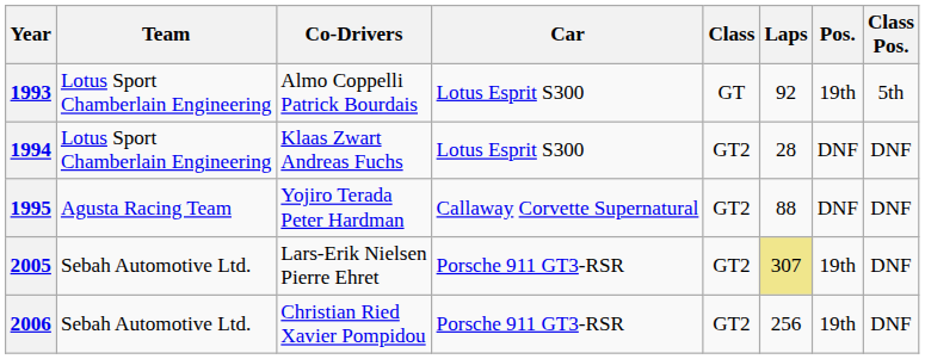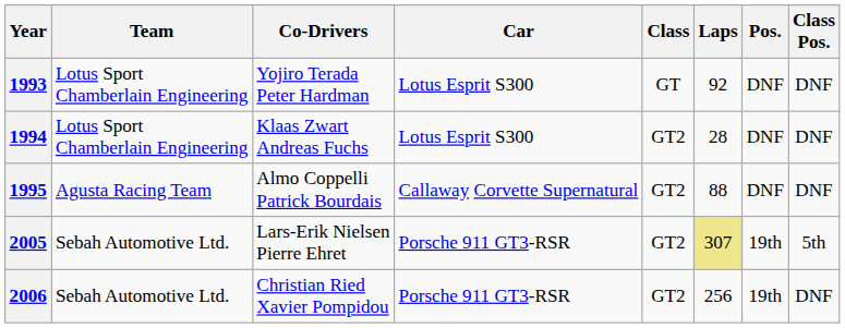 <table class="wikitable" style="text-align:center; font-size:90%">
 <tr>
 <th>Year</th>
 <th>Team</th>
 <th>Co-Drivers</th>
 <th>Car</th>
 <th>Class</th>
 <th>Laps</th>
 <th>Pos.</th>
 <th>Class<br>Pos.</th>
 </tr>
 <tr>
 <th><a href='#'>1993</a></th>
 <td align="left"> <a href='#'>Lotus</a> Sport<br> <a href='#'>Chamberlain Engineering</a></td>
-<td align="left"> Almo Coppelli<br> <a href='#'>Patrick Bourdais</a></td>
+<td align="left"> <a href='#'>Yojiro Terada</a><br> <a href='#'>Peter Hardman</a></td>
 <td align="left"><a href='#'>Lotus Esprit</a> S300</td>
 <td>GT</td>
 <td>92</td>
-<td>19th</td>
-<td>5th</td>
+<td>DNF</td>
+<td>DNF</td>
 </tr>
 <tr>
 <th><a href='#'>1994</a></th>
 <td align="left"> <a href='#'>Lotus</a> Sport<br> <a href='#'>Chamberlain Engineering</a></td>
 <td align="left"> <a href='#'>Klaas Zwart</a><br> <a href='#'>Andreas Fuchs</a></td>
 <td align="left"><a href='#'>Lotus Esprit</a> S300</td>
 <td>GT2</td>
 <td>28</td>
 <td>DNF</td>
 <td>DNF</td>
 </tr>
 <tr>
 <th><a href='#'>1995</a></th>
 <td align="left"> <a href='#'>Agusta Racing Team</a></td>
-<td align="left"> <a href='#'>Yojiro Terada</a><br> <a href='#'>Peter Hardman</a></td>
+<td align="left"> Almo Coppelli<br> <a href='#'>Patrick Bourdais</a></td>
 <td align="left"><a href='#'>Callaway</a> <a href='#'>Corvette Supernatural</a></td>
 <td>GT2</td>
 <td>88</td>
 <td>DNF</td>
 <td>DNF</td>
 </tr>
 <tr>
 <th><a href='#'>2005</a></th>
 <td align="left"> Sebah Automotive Ltd.</td>
 <td align="left"> Lars-Erik Nielsen<br> Pierre Ehret</td>
 <td align="left"><a href='#'>Porsche 911 GT3</a>-RSR</td>
 <td>GT2</td>
 <td style="background: khaki;">307</td>
 <td>19th</td>
-<td>DNF</td>
+<td>5th</td>
 </tr>
 <tr>
 <th><a href='#'>2006</a></th>
 <td align="left"> Sebah Automotive Ltd.</td>
 <td align="left"> <a href='#'>Christian Ried</a><br> <a href='#'>Xavier Pompidou</a></td>
 <td align="left"><a href='#'>Porsche 911 GT3</a>-RSR</td>
 <td>GT2</td>
 <td>256</td>
 <td>19th</td>
 <td>DNF</td>
 </tr>
 </table>
